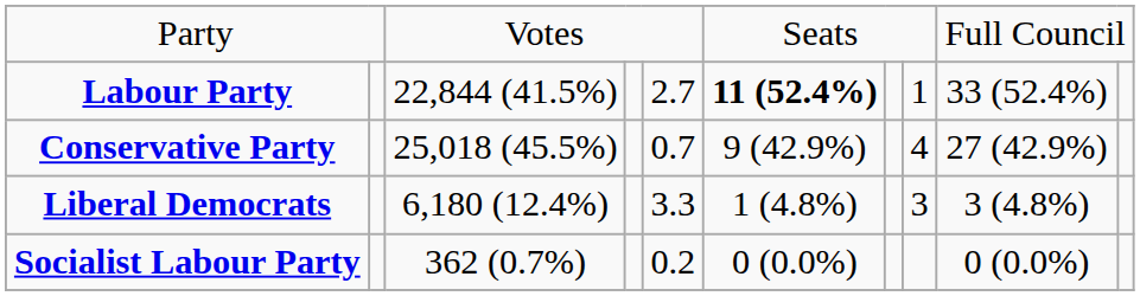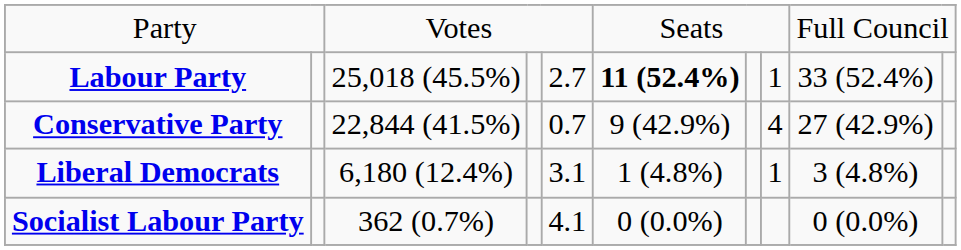 <table class=wikitable style="text-align:center;">
 <tr>
 <td colspan=2>Party</td>
 <td colspan=3>Votes</td>
 <td colspan=3>Seats</td>
 <td colspan=3>Full Council</td>
 </tr>
 <tr>
 <td><strong><a href='#'>Labour Party</a></strong></td>
 <td style="background:"></td>
-<td>22,844 (41.5%)</td>
+<td>25,018 (45.5%)</td>
 <td></td>
 <td> 2.7</td>
 <td><strong>11 (52.4%)</strong></td>
 <td></td>
 <td> 1</td>
 <td>33 (52.4%)</td>
 <td></td>
 </tr>
 <tr>
 <td><strong><a href='#'>Conservative Party</a></strong></td>
 <td style="background:"></td>
-<td>25,018 (45.5%)</td>
+<td>22,844 (41.5%)</td>
 <td></td>
 <td> 0.7</td>
 <td>9 (42.9%)</td>
 <td></td>
 <td> 4</td>
 <td>27 (42.9%)</td>
 <td></td>
 </tr>
 <tr>
 <td><strong><a href='#'>Liberal Democrats</a></strong></td>
 <td style="background:"></td>
 <td>6,180 (12.4%)</td>
 <td></td>
-<td> 3.3</td>
+<td> 3.1</td>
 <td>1 (4.8%)</td>
 <td></td>
-<td> 3</td>
+<td> 1</td>
 <td>3 (4.8%)</td>
 <td></td>
 </tr>
 <tr>
 <td><strong><a href='#'>Socialist Labour Party</a></strong></td>
 <td style="background:"></td>
 <td>362 (0.7%)</td>
 <td></td>
-<td> 0.2</td>
+<td> 4.1</td>
 <td>0 (0.0%)</td>
 <td></td>
 <td></td>
 <td>0 (0.0%)</td>
 <td></td>
 </tr>
 </table>
